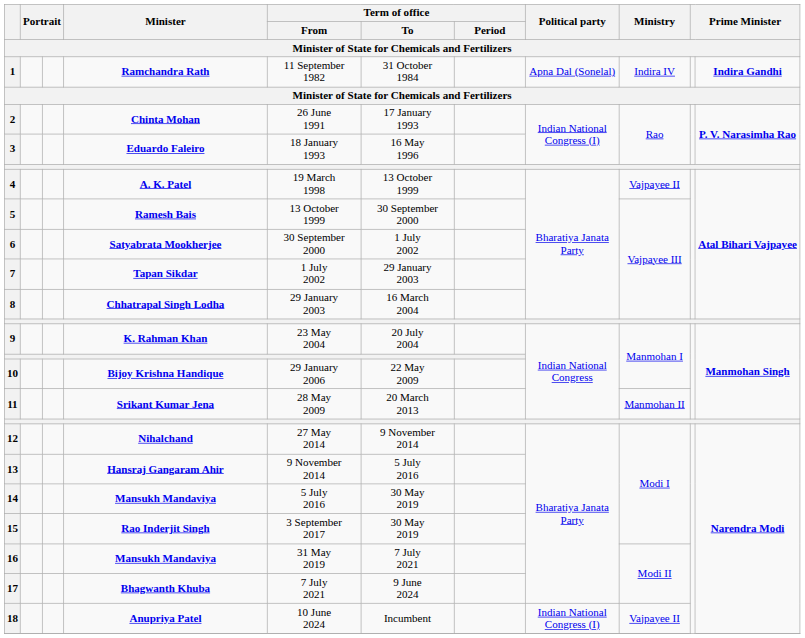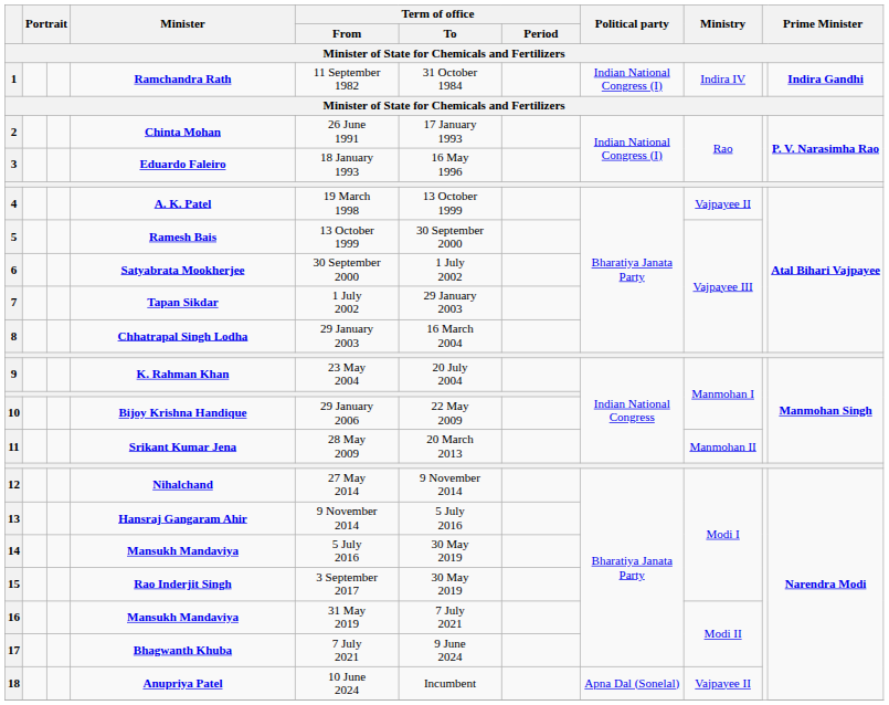 <table class="wikitable" style="text-align:center">
 <tr>
 <th rowspan="2"></th>
 <th rowspan="2" colspan="2">Portrait</th>
 <th rowspan="2" style="width:18em">Minister<br></th>
 <th colspan="3">Term of office</th>
 <th rowspan="2" style="width:8em">Political party</th>
 <th rowspan="2" style="width:6em">Ministry</th>
 <th rowspan="2" colspan="2">Prime Minister</th>
 </tr>
 <tr>
 <th style="width:8em">From</th>
 <th style="width:8em">To</th>
 <th style="width:6em">Period</th>
 </tr>
 <tr>
 <th colspan="11">Minister of State for Chemicals and Fertilizers</th>
 </tr>
 <tr>
 <th>1</th>
 <td></td>
 <td></td>
 <td><strong><a href='#'>Ramchandra Rath</a></strong><br></td>
 <td>11 September<br>1982</td>
 <td>31 October<br>1984</td>
 <td><strong></strong></td>
-<td><a href='#'>Apna Dal (Sonelal)</a></td>
+<td><a href='#'>Indian National Congress (I)</a></td>
 <td><a href='#'>Indira IV</a></td>
 <td></td>
 <td><strong><a href='#'>Indira Gandhi</a></strong></td>
 </tr>
 <tr>
 <th colspan="11">Minister of State for Chemicals and Fertilizers</th>
 </tr>
 <tr>
 <th>2</th>
 <td></td>
 <td></td>
 <td><strong><a href='#'>Chinta Mohan</a></strong><br></td>
 <td>26 June<br>1991</td>
 <td>17 January<br>1993</td>
 <td><strong></strong></td>
 <td rowspan="2"><a href='#'>Indian National Congress (I)</a></td>
 <td rowspan="2"><a href='#'>Rao</a></td>
 <td rowspan="2"></td>
 <td rowspan="2"><strong><a href='#'>P. V. Narasimha Rao</a></strong></td>
 </tr>
 <tr>
 <th>3</th>
 <td></td>
 <td></td>
 <td><strong><a href='#'>Eduardo Faleiro</a></strong><br></td>
 <td>18 January<br>1993</td>
 <td>16 May<br>1996</td>
 <td><strong></strong></td>
 </tr>
 <tr>
 <th colspan="11"></th>
 </tr>
 <tr>
 <th>4</th>
 <td></td>
 <td></td>
 <td><strong><a href='#'>A. K. Patel</a></strong><br></td>
 <td>19 March<br>1998</td>
 <td>13 October<br>1999</td>
 <td><strong></strong></td>
 <td rowspan="5"><a href='#'>Bharatiya Janata Party</a></td>
 <td><a href='#'>Vajpayee II</a></td>
 <td rowspan="5"></td>
 <td rowspan="5" style="width:9em"><strong><a href='#'>Atal Bihari Vajpayee</a></strong></td>
 </tr>
 <tr>
 <th>5</th>
 <td></td>
 <td></td>
 <td><strong><a href='#'>Ramesh Bais</a></strong><br></td>
 <td>13 October<br>1999</td>
 <td>30 September<br>2000</td>
 <td><strong></strong></td>
 <td rowspan="4"><a href='#'>Vajpayee III</a></td>
 </tr>
 <tr>
 <th>6</th>
 <td></td>
 <td></td>
 <td><strong><a href='#'>Satyabrata Mookherjee</a></strong><br></td>
 <td>30 September<br>2000</td>
 <td>1 July<br>2002</td>
 <td><strong></strong></td>
 </tr>
 <tr>
 <th>7</th>
 <td></td>
 <td></td>
 <td><strong><a href='#'>Tapan Sikdar</a></strong><br></td>
 <td>1 July<br>2002</td>
 <td>29 January<br>2003</td>
 <td><strong></strong></td>
 </tr>
 <tr>
 <th>8</th>
 <td></td>
 <td></td>
 <td><strong><a href='#'>Chhatrapal Singh Lodha</a></strong><br></td>
 <td>29 January<br>2003</td>
 <td>16 March<br>2004</td>
 <td><strong></strong></td>
 </tr>
 <tr>
 <th colspan="11"></th>
 </tr>
 <tr>
 <th>9</th>
 <td></td>
 <td></td>
 <td><strong><a href='#'>K. Rahman Khan</a></strong><br></td>
 <td>23 May<br>2004</td>
 <td>20 July<br>2004</td>
 <td><strong></strong></td>
 <td rowspan="4"><a href='#'>Indian National Congress</a></td>
 <td rowspan="3"><a href='#'>Manmohan I</a></td>
 <td rowspan="4"></td>
 <td rowspan="4"><strong><a href='#'>Manmohan Singh</a></strong></td>
 </tr>
 <tr>
 <th colspan="7"></th>
 </tr>
 <tr>
 <th>10</th>
 <td></td>
 <td></td>
 <td><strong><a href='#'>Bijoy Krishna Handique</a></strong><br></td>
 <td>29 January<br>2006</td>
 <td>22 May<br>2009</td>
 <td><strong></strong></td>
 </tr>
 <tr>
 <th>11</th>
 <td></td>
 <td></td>
 <td><strong><a href='#'>Srikant Kumar Jena</a></strong><br></td>
 <td>28 May<br>2009</td>
 <td>20 March<br>2013</td>
 <td><strong></strong></td>
 <td><a href='#'>Manmohan II</a></td>
 </tr>
 <tr>
 <th colspan="11"></th>
 </tr>
 <tr>
 <th>12</th>
 <td></td>
 <td></td>
 <td><strong><a href='#'>Nihalchand</a></strong><br></td>
 <td>27 May<br>2014</td>
 <td>9 November<br>2014</td>
 <td><strong></strong></td>
 <td rowspan="6"><a href='#'>Bharatiya Janata Party</a></td>
 <td rowspan="4"><a href='#'>Modi I</a></td>
 <td rowspan="8"></td>
 <td rowspan="7"><strong><a href='#'>Narendra Modi</a></strong></td>
 </tr>
 <tr>
 <th>13</th>
 <td></td>
 <td></td>
 <td><strong><a href='#'>Hansraj Gangaram Ahir</a></strong><br></td>
 <td>9 November<br>2014</td>
 <td>5 July<br>2016</td>
 <td><strong></strong></td>
 </tr>
 <tr>
 <th>14</th>
 <td></td>
 <td></td>
 <td><strong><a href='#'>Mansukh Mandaviya</a></strong><br></td>
 <td>5 July<br>2016</td>
 <td>30 May<br>2019</td>
 <td><strong></strong></td>
 </tr>
 <tr>
 <th>15</th>
 <td></td>
 <td></td>
 <td><strong><a href='#'>Rao Inderjit Singh</a></strong><br></td>
 <td>3 September<br>2017</td>
 <td>30 May<br>2019</td>
 <td><strong></strong></td>
 </tr>
 <tr>
 <th>16</th>
 <td></td>
 <td></td>
 <td><strong><a href='#'>Mansukh Mandaviya</a></strong><br></td>
 <td>31 May<br>2019</td>
 <td>7 July<br>2021</td>
 <td><strong></strong></td>
 <td rowspan="2"><a href='#'>Modi II</a></td>
 </tr>
 <tr>
 <th>17</th>
 <td></td>
 <td></td>
 <td><strong><a href='#'>Bhagwanth Khuba</a></strong><br></td>
 <td>7 July<br>2021</td>
 <td>9 June<br>2024</td>
 <td><strong></strong></td>
 </tr>
 <tr>
 <th>18</th>
 <td></td>
 <td></td>
 <td><strong><a href='#'>Anupriya Patel</a></strong><br></td>
 <td>10 June<br>2024</td>
 <td>Incumbent</td>
 <td><strong></strong></td>
-<td><a href='#'>Indian National Congress (I)</a></td>
+<td><a href='#'>Apna Dal (Sonelal)</a></td>
 <td><a href='#'>Vajpayee II</a></td>
 </tr>
 <tr>
 </tr>
 </table>
